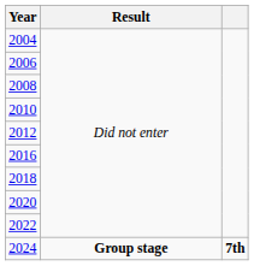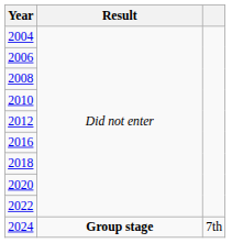 <table class="wikitable" style="text-align: center; font-size:90%">
 <tr>
 <th>Year</th>
 <th style="width:180px">Result</th>
 <th></th>
 </tr>
 <tr>
 <td> <a href='#'>2004</a></td>
 <td rowspan="9"><em>Did not enter</em></td>
 </tr>
 <tr>
 <td> <a href='#'>2006</a></td>
 </tr>
 <tr>
 <td> <a href='#'>2008</a></td>
 </tr>
 <tr>
 <td> <a href='#'>2010</a></td>
 </tr>
 <tr>
 <td> <a href='#'>2012</a></td>
 </tr>
 <tr>
 <td> <a href='#'>2016</a></td>
 </tr>
 <tr>
 <td> <a href='#'>2018</a></td>
 </tr>
 <tr>
 <td> <a href='#'>2020</a></td>
 </tr>
 <tr>
 <td> <a href='#'>2022</a></td>
 </tr>
 <tr>
 <td> <a href='#'>2024</a></td>
 <td><strong>Group stage</strong></td>
-<td><strong>7th</strong></td>
+<td>7th</td>
 </tr>
 </table>
